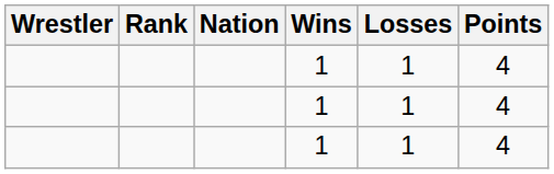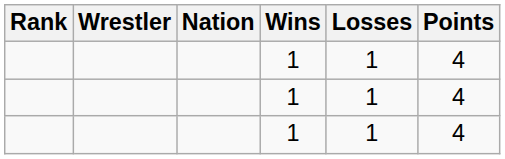 <table class="wikitable sortable" style="text-align:center;">
 <tr>
+<th>Rank</th>
 <th>Wrestler</th>
-<th>Rank</th>
 <th>Nation</th>
 <th>Wins</th>
 <th>Losses</th>
 <th>Points</th>
 </tr>
 <tr>
+<td></td>
 <td align=left></td>
-<td></td>
 <td align=left></td>
 <td>1</td>
 <td>1</td>
 <td>4</td>
 </tr>
 <tr>
+<td></td>
 <td align=left></td>
-<td></td>
 <td align=left></td>
 <td>1</td>
 <td>1</td>
 <td>4</td>
 </tr>
 <tr>
+<td></td>
 <td align=left></td>
-<td></td>
 <td align=left></td>
 <td>1</td>
 <td>1</td>
 <td>4</td>
 </tr>
 </table>
